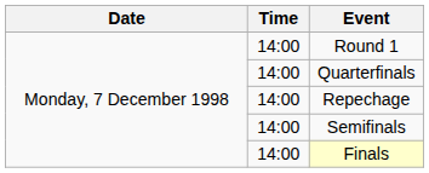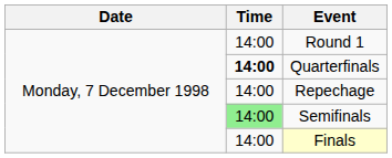 <table class = "wikitable" style="text-align:center;">
 <tr>
 <th width=220>Date</th>
 <th width=50>Time</th>
 <th width=100>Event</th>
 </tr>
 <tr>
 <td rowspan=5>Monday, 7 December 1998</td>
 <td>14:00</td>
 <td>Round 1</td>
 </tr>
 <tr>
-<td>14:00</td>
+<td><strong>14:00</strong></td>
 <td>Quarterfinals</td>
 </tr>
 <tr>
 <td>14:00</td>
 <td>Repechage</td>
 </tr>
 <tr>
-<td>14:00</td>
+<td style="background: lightgreen;">14:00</td>
 <td>Semifinals</td>
 </tr>
 <tr>
 <td>14:00</td>
 <td bgcolor=ffffcc>Finals</td>
 </tr>
 </table>
